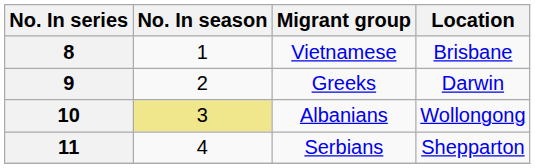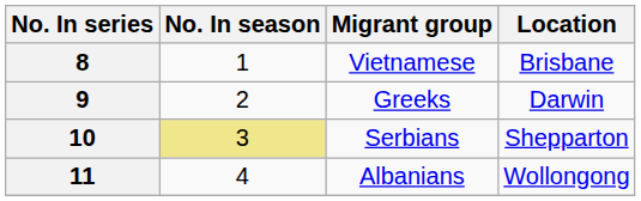 <table class="wikitable plainrowheaders" style="text-align: center">
 <tr>
 <th>No. In series</th>
 <th>No. In season</th>
 <th>Migrant group</th>
 <th>Location</th>
 </tr>
 <tr>
 <th>8</th>
 <td>1</td>
 <td><a href='#'>Vietnamese</a></td>
 <td><a href='#'>Brisbane</a></td>
 </tr>
 <tr>
 <th>9</th>
 <td>2</td>
 <td><a href='#'>Greeks</a></td>
 <td><a href='#'>Darwin</a></td>
 </tr>
 <tr>
 <th>10</th>
 <td style="background: khaki;">3</td>
+<td><a href='#'>Serbians</a></td>
+<td><a href='#'>Shepparton</a></td>
+</tr>
+<tr>
+<th>11</th>
+<td>4</td>
 <td><a href='#'>Albanians</a></td>
 <td><a href='#'>Wollongong</a></td>
 </tr>
 <tr>
-<th>11</th>
-<td>4</td>
-<td><a href='#'>Serbians</a></td>
-<td><a href='#'>Shepparton</a></td>
-</tr>
-<tr>
 </tr>
 </table>
